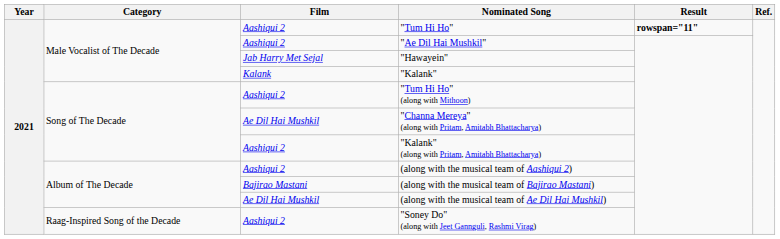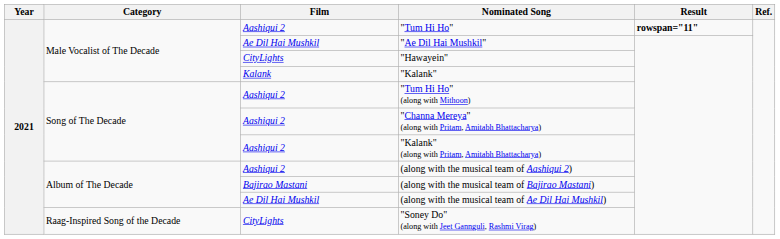 <table class="wikitable plainrowheaders" width="100%" "textcolor:#000;">
 <tr>
 <th scope="col" width=5%><strong>Year</strong></th>
 <th scope="col" width=25%><strong>Category</strong></th>
 <th scope="col" width=20%><strong>Film</strong></th>
 <th scope="col" width=30%><strong>Nominated Song</strong></th>
 <th scope="col" width=15%><strong>Result</strong></th>
 <th scope="col" width=2%><strong>Ref.</strong></th>
 </tr>
 <tr>
 <th scope="row" rowspan="11">2021</th>
 <td rowspan="4">Male Vocalist of The Decade</td>
 <td><em><a href='#'>Aashiqui 2</a></em></td>
 <td>"<a href='#'>Tum Hi Ho</a>"</td>
 <td><strong>rowspan="11" </strong></td>
 <td rowspan="11"></td>
 </tr>
 <tr>
-<td><em><a href='#'>Aashiqui 2</a></em></td>
+<td><em><a href='#'>Ae Dil Hai Mushkil</a></em></td>
 <td>"<a href='#'>Ae Dil Hai Mushkil</a>"</td>
 </tr>
 <tr>
-<td><em><a href='#'>Jab Harry Met Sejal</a></em></td>
+<td><em><a href='#'>CityLights</a></em></td>
 <td>"Hawayein"</td>
 </tr>
 <tr>
 <td><em><a href='#'>Kalank</a></em></td>
 <td>"Kalank"</td>
 </tr>
 <tr>
 <td rowspan="3">Song of The Decade</td>
 <td><em><a href='#'>Aashiqui 2</a></em></td>
 <td>"<a href='#'>Tum Hi Ho</a>"<br><small>(along with <a href='#'>Mithoon</a>)</small></td>
 </tr>
 <tr>
-<td><em><a href='#'>Ae Dil Hai Mushkil</a></em></td>
+<td><em><a href='#'>Aashiqui 2</a></em></td>
 <td>"<a href='#'>Channa Mereya</a>"<br><small>(along with <a href='#'>Pritam</a>, <a href='#'>Amitabh Bhattacharya</a>)</small></td>
 </tr>
 <tr>
 <td><em><a href='#'>Aashiqui 2</a></em></td>
 <td>"Kalank"<br><small>(along with <a href='#'>Pritam</a>, <a href='#'>Amitabh Bhattacharya</a>)</small></td>
 </tr>
 <tr>
 <td rowspan="3">Album of The Decade</td>
 <td><em><a href='#'>Aashiqui 2</a></em></td>
 <td>(along with the musical team of <em><a href='#'>Aashiqui 2</a></em>)</td>
 </tr>
 <tr>
 <td><em><a href='#'>Bajirao Mastani</a></em></td>
 <td>(along with the musical team of <em><a href='#'>Bajirao Mastani</a></em>)</td>
 </tr>
 <tr>
 <td><em><a href='#'>Ae Dil Hai Mushkil</a></em></td>
 <td>(along with the musical team of <em><a href='#'>Ae Dil Hai Mushkil</a></em>)</td>
 </tr>
 <tr>
 <td>Raag-Inspired Song of the Decade</td>
-<td><em><a href='#'>Aashiqui 2</a></em></td>
+<td><em><a href='#'>CityLights</a></em></td>
 <td>"Soney Do"<br><small>(along with <a href='#'>Jeet Gannguli</a>, <a href='#'>Rashmi Virag</a>)</small></td>
 </tr>
 </table>
